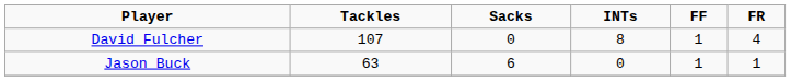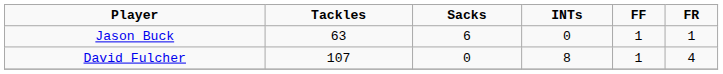 <table class="wikitable" width="80%">
 <tr align="center">
 <td><strong>Player</strong></td>
 <td><strong>Tackles</strong></td>
 <td><strong>Sacks</strong></td>
 <td><strong>INTs</strong></td>
 <td><strong>FF</strong></td>
 <td><strong>FR</strong></td>
 </tr>
 <tr align="center" bgcolor="">
+<td><a href='#'>Jason Buck</a></td>
+<td>63</td>
+<td>6</td>
+<td>0</td>
+<td>1</td>
+<td>1</td>
+</tr>
+<tr align="center" bgcolor="">
 <td><a href='#'>David Fulcher</a></td>
 <td>107</td>
 <td>0</td>
 <td>8</td>
 <td>1</td>
 <td>4</td>
 </tr>
 <tr align="center" bgcolor="">
-<td><a href='#'>Jason Buck</a></td>
-<td>63</td>
-<td>6</td>
-<td>0</td>
-<td>1</td>
-<td>1</td>
-</tr>
-<tr align="center" bgcolor="">
 </tr>
 </table>
